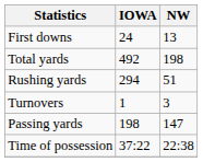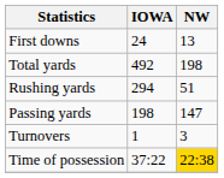 <table class="wikitable">
 <tr>
 <th>Statistics</th>
 <th>IOWA</th>
 <th>NW</th>
 </tr>
 <tr>
 <td>First downs</td>
 <td>24</td>
 <td>13</td>
 </tr>
 <tr>
 <td>Total yards</td>
 <td>492</td>
 <td>198</td>
 </tr>
 <tr>
 <td>Rushing yards</td>
 <td>294</td>
 <td>51</td>
 </tr>
 <tr>
+<td>Passing yards</td>
+<td>198</td>
+<td>147</td>
+</tr>
+<tr>
 <td>Turnovers</td>
 <td>1</td>
 <td>3</td>
 </tr>
 <tr>
-<td>Passing yards</td>
-<td>198</td>
-<td>147</td>
-</tr>
-<tr>
 <td>Time of possession</td>
 <td>37:22</td>
-<td>22:38</td>
+<td style="background: gold;">22:38</td>
 </tr>
 <tr>
 </tr>
 </table>
